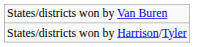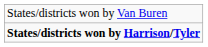 <table class="wikitable">
 <tr>
 <td>States/districts won by <a href='#'>Van Buren</a></td>
 </tr>
 <tr>
-<td>States/districts won by <a href='#'>Harrison</a>/<a href='#'>Tyler</a></td>
+<td><strong>States/districts won by <a href='#'>Harrison</a>/<a href='#'>Tyler</a></strong></td>
 </tr>
 </table>
